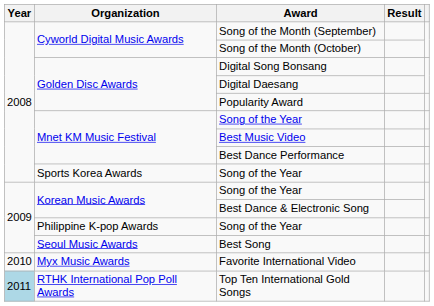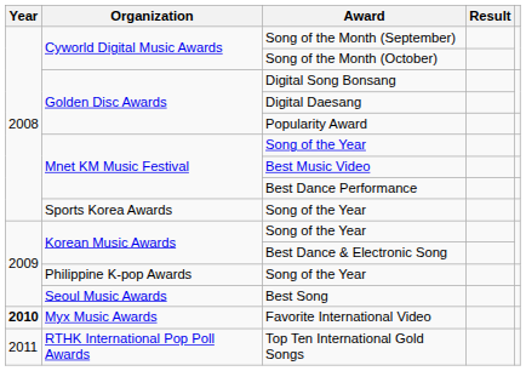 <table class="wikitable plainrowheaders sortable">
 <tr>
 <th scope="col">Year</th>
 <th scope="col">Organization</th>
 <th scope="col">Award</th>
 <th scope="col">Result</th>
 <th class="unsortable"></th>
 </tr>
 <tr>
 <td rowspan="9">2008</td>
 <td rowspan="2"><a href='#'>Cyworld Digital Music Awards</a></td>
 <td>Song of the Month (September)</td>
 <td></td>
 <td rowspan="2" align="center"></td>
 </tr>
 <tr>
 <td>Song of the Month (October)</td>
 <td></td>
 </tr>
 <tr>
 <td rowspan="3"><a href='#'>Golden Disc Awards</a></td>
 <td>Digital Song Bonsang</td>
 <td></td>
 <td rowspan="2" align="center"></td>
 </tr>
 <tr>
 <td>Digital Daesang</td>
 <td></td>
 </tr>
 <tr>
 <td>Popularity Award</td>
 <td></td>
 <td></td>
 </tr>
 <tr>
 <td rowspan="3"><a href='#'>Mnet KM Music Festival</a></td>
 <td><a href='#'>Song of the Year</a></td>
 <td></td>
 <td align="center"></td>
 </tr>
 <tr>
 <td><a href='#'>Best Music Video</a></td>
 <td></td>
 <td align="center"></td>
 </tr>
 <tr>
 <td>Best Dance Performance</td>
 <td></td>
 <td></td>
 </tr>
 <tr>
 <td>Sports Korea Awards</td>
 <td>Song of the Year</td>
 <td></td>
 <td align="center"></td>
 </tr>
 <tr>
 <td rowspan="4">2009</td>
 <td rowspan="2"><a href='#'>Korean Music Awards</a></td>
 <td>Song of the Year</td>
 <td></td>
 <td rowspan="2" align="center"></td>
 </tr>
 <tr>
 <td>Best Dance & Electronic Song</td>
 <td></td>
 </tr>
 <tr>
 <td>Philippine K-pop Awards</td>
 <td>Song of the Year</td>
 <td></td>
 <td align="center"></td>
 </tr>
 <tr>
 <td><a href='#'>Seoul Music Awards</a></td>
 <td>Best Song</td>
 <td></td>
 <td align="center"></td>
 </tr>
 <tr>
-<td>2010</td>
+<td><strong>2010</strong></td>
 <td><a href='#'>Myx Music Awards</a></td>
 <td>Favorite International Video</td>
 <td></td>
 <td></td>
 </tr>
 <tr>
-<td style="background: lightblue;">2011</td>
+<td>2011</td>
 <td><a href='#'>RTHK International Pop Poll Awards</a></td>
 <td>Top Ten International Gold Songs</td>
 <td></td>
 <td align="center"></td>
 </tr>
 </table>
